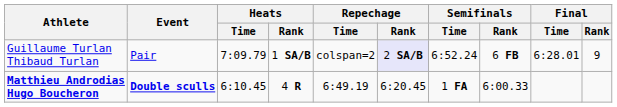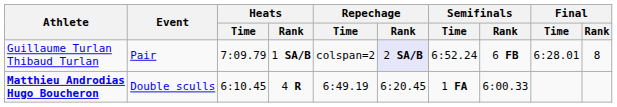 <table class="wikitable" style="font-size:90%">
 <tr>
 <th rowspan="2">Athlete</th>
 <th rowspan="2">Event</th>
 <th colspan="2">Heats</th>
 <th colspan="2">Repechage</th>
 <th colspan="2">Semifinals</th>
 <th colspan="2">Final</th>
 </tr>
 <tr style="font-size:95%">
 <th>Time</th>
 <th>Rank</th>
 <th>Time</th>
 <th>Rank</th>
 <th>Time</th>
 <th>Rank</th>
 <th>Time</th>
 <th>Rank</th>
 </tr>
 <tr align=center>
 <td align=left><a href='#'>Guillaume Turlan</a><br><a href='#'>Thibaud Turlan</a></td>
 <td align=left><a href='#'>Pair</a></td>
 <td>7:09.79</td>
 <td>1 <strong>SA/B</strong></td>
 <td>colspan=2 </td>
 <td style="background: lavender;">2 <strong>SA/B</strong></td>
 <td>6:52.24</td>
 <td>6 <strong>FB</strong></td>
 <td>6:28.01</td>
-<td>9</td>
+<td>8</td>
 </tr>
 <tr align=center>
 <td align=left><strong><a href='#'>Matthieu Androdias</a><br><a href='#'>Hugo Boucheron</a></strong></td>
-<td align=left><strong><a href='#'>Double sculls</a></strong></td>
+<td align=left><a href='#'>Double sculls</a></td>
 <td>6:10.45</td>
 <td>4 <strong>R</strong></td>
 <td>6:49.19</td>
 <td>6:20.45</td>
 <td>1 <strong>FA</strong></td>
 <td>6:00.33 </td>
 <td></td>
 </tr>
 </table>
